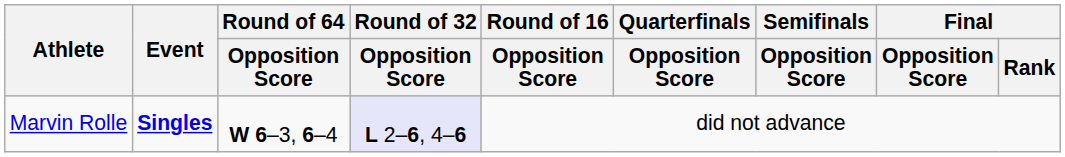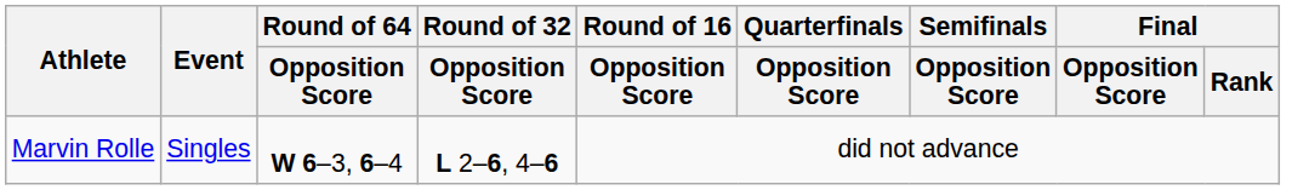 <table class="wikitable" border="1" style="font-size:90%">
 <tr>
 <th rowspan=2>Athlete</th>
 <th rowspan=2>Event</th>
 <th>Round of 64</th>
 <th>Round of 32</th>
 <th>Round of 16</th>
 <th>Quarterfinals</th>
 <th>Semifinals</th>
 <th colspan=2>Final</th>
 </tr>
 <tr>
 <th>Opposition<br>Score</th>
 <th>Opposition<br>Score</th>
 <th>Opposition<br>Score</th>
 <th>Opposition<br>Score</th>
 <th>Opposition<br>Score</th>
 <th>Opposition<br>Score</th>
 <th>Rank</th>
 </tr>
 <tr>
 <td><a href='#'>Marvin Rolle</a></td>
-<td><strong><a href='#'>Singles</a></strong></td>
+<td><a href='#'>Singles</a></td>
 <td align=center><br> <strong>W</strong> <strong>6</strong>–3, <strong>6</strong>–4</td>
-<td align=center style="background: lavender;"><br> <strong>L</strong> 2–<strong>6</strong>, 4–<strong>6</strong></td>
+<td align=center><br> <strong>L</strong> 2–<strong>6</strong>, 4–<strong>6</strong></td>
 <td align="center" colspan="5">did not advance</td>
 </tr>
 </table>
